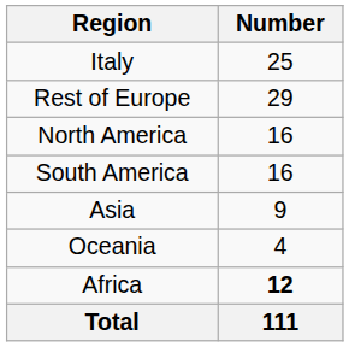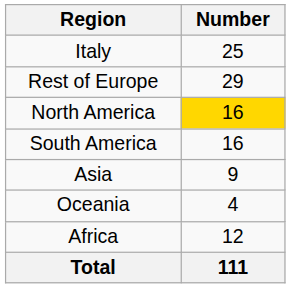 <table class="wikitable sortable" style="width:230px; float:right; margin:0 1em;">
 <tr>
 <th scope="col">Region</th>
 <th scope="col">Number</th>
 </tr>
 <tr>
 <td style="text-align:center" scope="row">Italy</td>
 <td style="text-align:center">25</td>
 </tr>
 <tr>
 <td style="text-align:center" scope="row" data-sort-value="Europe, Rest of">Rest of Europe</td>
 <td style="text-align:center">29</td>
 </tr>
 <tr>
 <td style="text-align:center" scope="row" data-sort-value="America, North">North America</td>
-<td style="text-align:center">16</td>
+<td style="background: gold; text-align:center">16</td>
 </tr>
 <tr>
 <td style="text-align:center" scope="row" data-sort-value="America, South">South America</td>
 <td style="text-align:center">16</td>
 </tr>
 <tr>
 <td style="text-align:center" scope="row">Asia</td>
 <td style="text-align:center">9</td>
 </tr>
 <tr>
 <td style="text-align:center" scope="row">Oceania</td>
 <td style="text-align:center">4</td>
 </tr>
 <tr>
 <td style="text-align:center" scope="row">Africa</td>
-<td style="text-align:center"><strong>12</strong></td>
+<td style="text-align:center">12</td>
 </tr>
 <tr>
 <th scope="row">Total</th>
 <th>111</th>
 </tr>
 </table>
